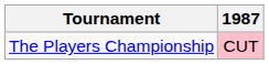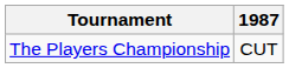 <table class="wikitable" style="font-size:95%;text-align:center;">
 <tr>
 <th>Tournament</th>
 <th>1987</th>
 </tr>
 <tr>
 <td align=left><a href='#'>The Players Championship</a></td>
-<td style="background: pink;">CUT</td>
+<td>CUT</td>
 </tr>
 </table>
